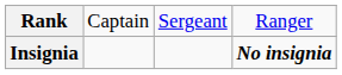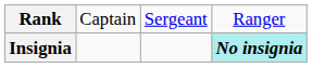 <table class="wikitable">
 <tr style="text-align:center;">
 <th>Rank</th>
 <td>Captain</td>
 <td><a href='#'>Sergeant</a></td>
 <td><a href='#'>Ranger</a></td>
 </tr>
 <tr style="text-align:center;">
 <th>Insignia</th>
 <td></td>
 <td></td>
-<td><strong><em>No insignia</em></strong></td>
+<td style="background: paleturquoise;"><strong><em>No insignia</em></strong></td>
 </tr>
 </table>
